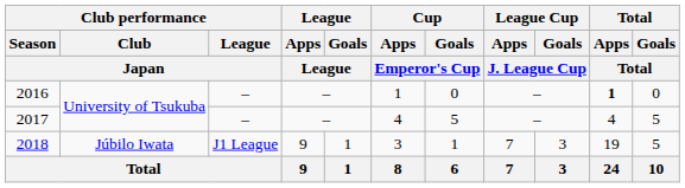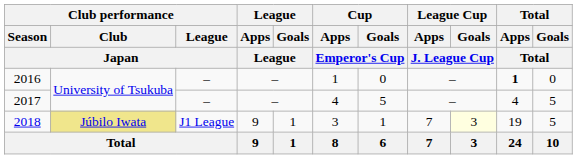 <table class="wikitable" style="text-align:center;">
 <tr>
 <th colspan=3>Club performance</th>
 <th colspan=2>League</th>
 <th colspan=2>Cup</th>
 <th colspan=2>League Cup</th>
 <th colspan=2>Total</th>
 </tr>
 <tr>
 <th>Season</th>
 <th>Club</th>
 <th>League</th>
 <th>Apps</th>
 <th>Goals</th>
 <th>Apps</th>
 <th>Goals</th>
 <th>Apps</th>
 <th>Goals</th>
 <th>Apps</th>
 <th>Goals</th>
 </tr>
 <tr>
 <th colspan=3>Japan</th>
 <th colspan=2>League</th>
 <th colspan=2><a href='#'>Emperor's Cup</a></th>
 <th colspan=2><a href='#'>J. League Cup</a></th>
 <th colspan=2>Total</th>
 </tr>
 <tr>
 <td>2016</td>
 <td rowspan="2"><a href='#'>University of Tsukuba</a></td>
 <td>–</td>
 <td colspan="2">–</td>
 <td>1</td>
 <td>0</td>
 <td colspan="2">–</td>
 <td><strong>1</strong></td>
 <td>0</td>
 </tr>
 <tr>
 <td>2017</td>
 <td>–</td>
 <td colspan="2">–</td>
 <td>4</td>
 <td>5</td>
 <td colspan="2">–</td>
 <td>4</td>
 <td>5</td>
 </tr>
 <tr>
 <td><a href='#'>2018</a></td>
-<td rowspan="1"><a href='#'>Júbilo Iwata</a></td>
+<td rowspan="1" style="background: khaki;"><a href='#'>Júbilo Iwata</a></td>
 <td rowspan="1"><a href='#'>J1 League</a></td>
 <td>9</td>
 <td>1</td>
 <td>3</td>
 <td>1</td>
 <td>7</td>
-<td>3</td>
+<td style="background: lightyellow;">3</td>
 <td>19</td>
 <td>5</td>
 </tr>
 <tr>
 <th colspan=3>Total</th>
 <th>9</th>
 <th>1</th>
 <th>8</th>
 <th>6</th>
 <th>7</th>
 <th>3</th>
 <th>24</th>
 <th>10</th>
 </tr>
 </table>
